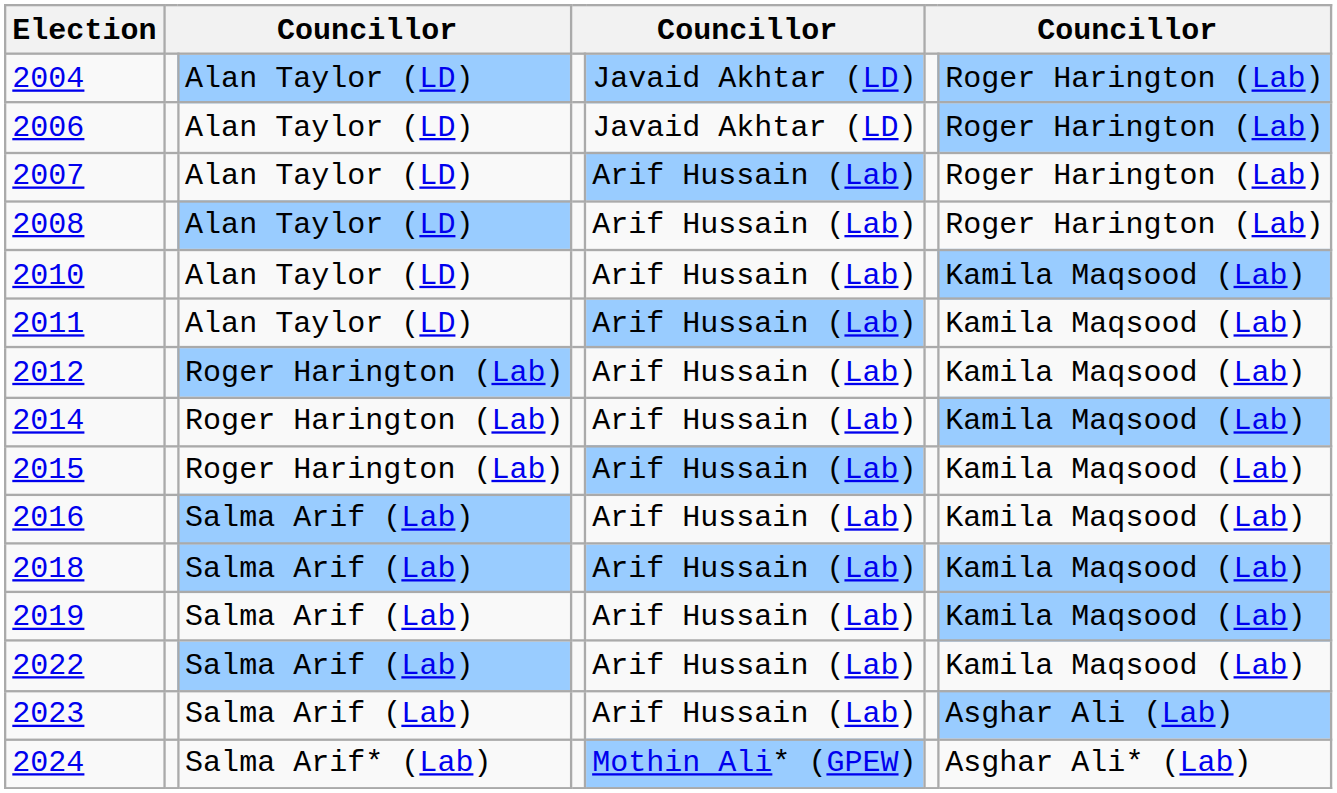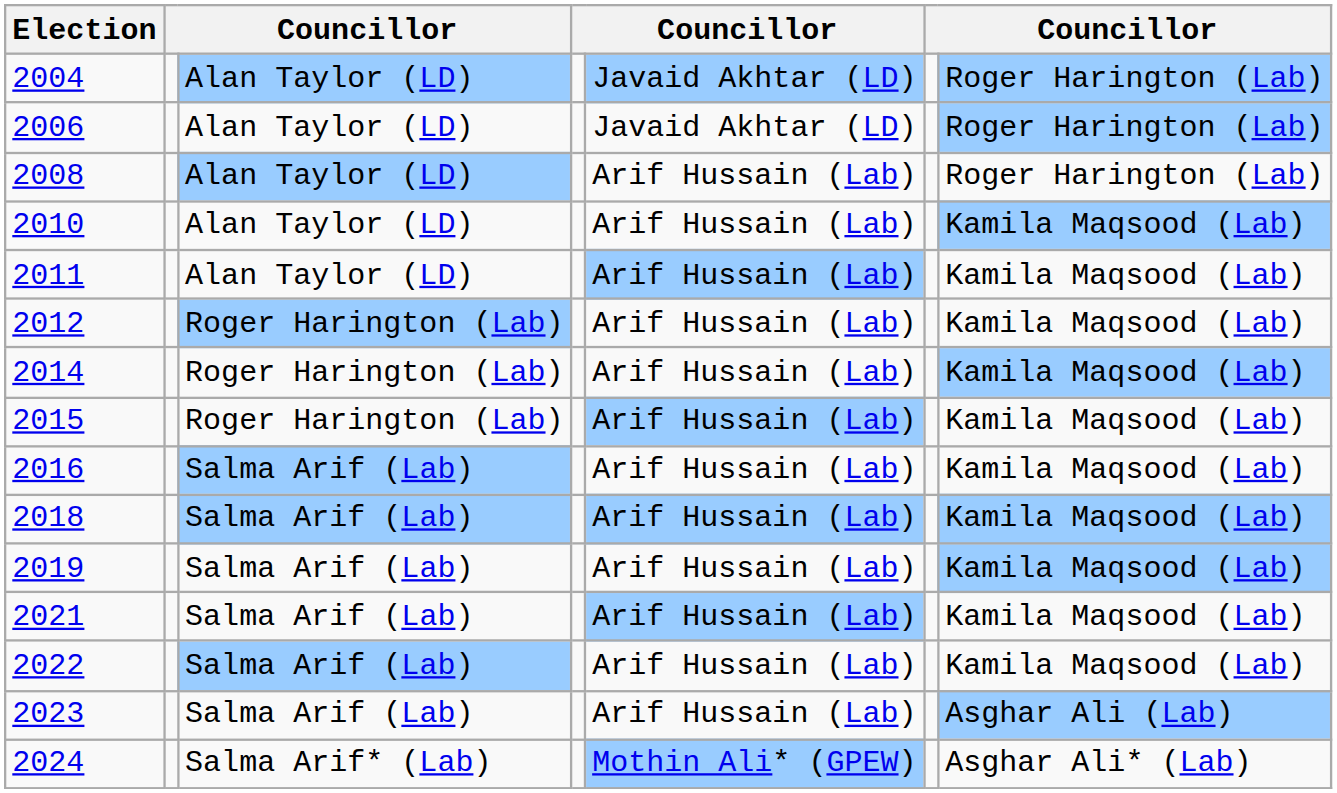 <table class="wikitable">
 <tr>
 <th>Election</th>
 <th colspan="2">Councillor</th>
 <th colspan="2">Councillor</th>
 <th colspan="2">Councillor</th>
 </tr>
 <tr>
 <td><a href='#'>2004</a></td>
 <td style="background-color: "></td>
 <td bgcolor="#99CCFF">Alan Taylor (<a href='#'>LD</a>)</td>
 <td style="background-color: "></td>
 <td bgcolor="#99CCFF">Javaid Akhtar (<a href='#'>LD</a>)</td>
 <td style="background-color: "></td>
 <td bgcolor="#99CCFF">Roger Harington (<a href='#'>Lab</a>)</td>
 </tr>
 <tr>
 <td><a href='#'>2006</a></td>
 <td style="background-color: "></td>
 <td>Alan Taylor (<a href='#'>LD</a>)</td>
 <td style="background-color: "></td>
 <td>Javaid Akhtar (<a href='#'>LD</a>)</td>
 <td style="background-color: "></td>
 <td bgcolor="#99CCFF">Roger Harington (<a href='#'>Lab</a>)</td>
-</tr>
-<tr>
-<td><a href='#'>2007</a></td>
-<td style="background-color: "></td>
-<td>Alan Taylor (<a href='#'>LD</a>)</td>
-<td style="background-color: "></td>
-<td bgcolor="#99CCFF">Arif Hussain (<a href='#'>Lab</a>)</td>
-<td style="background-color: "></td>
-<td>Roger Harington (<a href='#'>Lab</a>)</td>
 </tr>
 <tr>
 <td><a href='#'>2008</a></td>
 <td style="background-color: "></td>
 <td bgcolor="#99CCFF">Alan Taylor (<a href='#'>LD</a>)</td>
 <td style="background-color: "></td>
 <td>Arif Hussain (<a href='#'>Lab</a>)</td>
 <td style="background-color: "></td>
 <td>Roger Harington (<a href='#'>Lab</a>)</td>
 </tr>
 <tr>
 <td><a href='#'>2010</a></td>
 <td style="background-color: "></td>
 <td>Alan Taylor (<a href='#'>LD</a>)</td>
 <td style="background-color: "></td>
 <td>Arif Hussain (<a href='#'>Lab</a>)</td>
 <td style="background-color: "></td>
 <td bgcolor="#99CCFF">Kamila Maqsood (<a href='#'>Lab</a>)<br></td>
 </tr>
 <tr>
 <td><a href='#'>2011</a></td>
 <td style="background-color: "></td>
 <td>Alan Taylor (<a href='#'>LD</a>)</td>
 <td style="background-color: "></td>
 <td bgcolor="#99CCFF">Arif Hussain (<a href='#'>Lab</a>)</td>
 <td style="background-color: "></td>
 <td>Kamila Maqsood (<a href='#'>Lab</a>)</td>
 </tr>
 <tr>
 <td><a href='#'>2012</a></td>
 <td style="background-color: "></td>
 <td bgcolor="#99CCFF">Roger Harington (<a href='#'>Lab</a>)</td>
 <td style="background-color: "></td>
 <td>Arif Hussain (<a href='#'>Lab</a>)</td>
 <td style="background-color: "></td>
 <td>Kamila Maqsood (<a href='#'>Lab</a>)</td>
 </tr>
 <tr>
 <td><a href='#'>2014</a></td>
 <td style="background-color: "></td>
 <td>Roger Harington (<a href='#'>Lab</a>)</td>
 <td style="background-color: "></td>
 <td>Arif Hussain (<a href='#'>Lab</a>)</td>
 <td style="background-color: "></td>
 <td bgcolor="#99CCFF">Kamila Maqsood (<a href='#'>Lab</a>)</td>
 </tr>
 <tr>
 <td><a href='#'>2015</a></td>
 <td style="background-color: "></td>
 <td>Roger Harington (<a href='#'>Lab</a>)</td>
 <td style="background-color: "></td>
 <td bgcolor="#99CCFF">Arif Hussain (<a href='#'>Lab</a>)</td>
 <td style="background-color: "></td>
 <td>Kamila Maqsood (<a href='#'>Lab</a>)</td>
 </tr>
 <tr>
 <td><a href='#'>2016</a></td>
 <td style="background-color: "></td>
 <td bgcolor="#99CCFF">Salma Arif (<a href='#'>Lab</a>)</td>
 <td style="background-color: "></td>
 <td>Arif Hussain (<a href='#'>Lab</a>)</td>
 <td style="background-color: "></td>
 <td>Kamila Maqsood (<a href='#'>Lab</a>)</td>
 </tr>
 <tr>
 <td><a href='#'>2018</a></td>
 <td style="background-color: "></td>
 <td bgcolor="#99CCFF">Salma Arif (<a href='#'>Lab</a>)</td>
 <td style="background-color: "></td>
 <td bgcolor="#99CCFF">Arif Hussain (<a href='#'>Lab</a>)</td>
 <td style="background-color: "></td>
 <td bgcolor="#99CCFF">Kamila Maqsood (<a href='#'>Lab</a>)</td>
 </tr>
 <tr>
 <td><a href='#'>2019</a></td>
 <td style="background-color: "></td>
 <td>Salma Arif (<a href='#'>Lab</a>)</td>
 <td style="background-color: "></td>
 <td>Arif Hussain (<a href='#'>Lab</a>)</td>
 <td style="background-color: "></td>
 <td bgcolor="#99CCFF">Kamila Maqsood (<a href='#'>Lab</a>)</td>
 </tr>
 <tr>
+<td><a href='#'>2021</a></td>
+<td style="background-color: "></td>
+<td>Salma Arif (<a href='#'>Lab</a>)</td>
+<td style="background-color: "></td>
+<td bgcolor="#99CCFF">Arif Hussain (<a href='#'>Lab</a>)</td>
+<td style="background-color: "></td>
+<td>Kamila Maqsood (<a href='#'>Lab</a>)</td>
+</tr>
+<tr>
 <td><a href='#'>2022</a></td>
 <td style="background-color: "></td>
 <td bgcolor="#99CCFF">Salma Arif (<a href='#'>Lab</a>)</td>
 <td style="background-color: "></td>
 <td>Arif Hussain (<a href='#'>Lab</a>)</td>
 <td style="background-color: "></td>
 <td>Kamila Maqsood (<a href='#'>Lab</a>)</td>
 </tr>
 <tr>
 <td><a href='#'>2023</a></td>
 <td style="background-color: "></td>
 <td>Salma Arif (<a href='#'>Lab</a>)</td>
 <td style="background-color: "></td>
 <td>Arif Hussain (<a href='#'>Lab</a>)</td>
 <td style="background-color: "></td>
 <td bgcolor="#99CCFF">Asghar Ali (<a href='#'>Lab</a>)</td>
 </tr>
 <tr>
 <td><a href='#'>2024</a></td>
 <td style="background-color: "></td>
 <td>Salma Arif* (<a href='#'>Lab</a>)</td>
 <td style="background-color: "></td>
 <td bgcolor="#99CCFF"><a href='#'>Mothin Ali</a>* (<a href='#'>GPEW</a>)</td>
 <td style="background-color: "></td>
 <td>Asghar Ali* (<a href='#'>Lab</a>)</td>
 </tr>
 </table>
